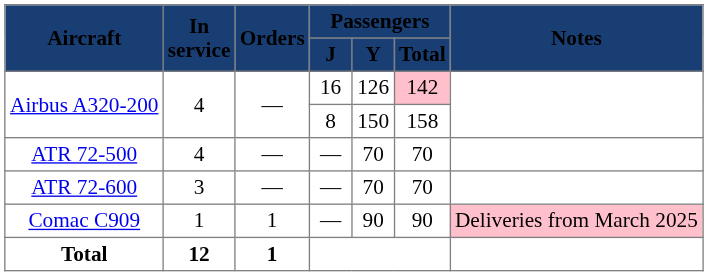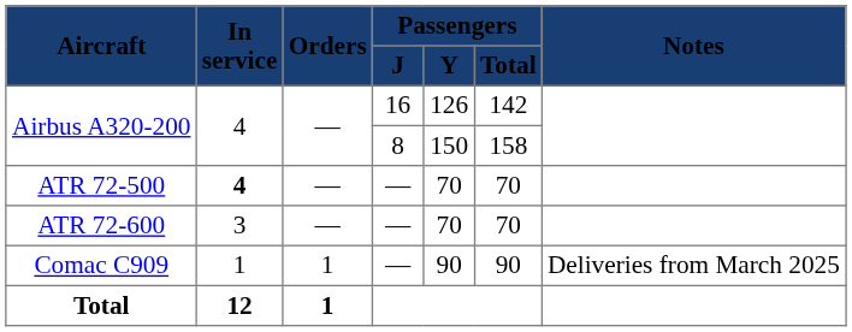 <table class="toccolours" border="1" cellpadding="3" style="border-collapse:collapse;text-align:center; margin-left: auto; margin-right: auto;">
 <tr style="background:#193e74;">
 <th rowspan="2"><span>Aircraft</span></th>
 <th rowspan="2" style="width:30px;"><span>In service</span></th>
 <th rowspan="2" style="width:30px;"><span>Orders</span></th>
 <th colspan="3"><span>Passengers</span></th>
 <th rowspan="2"><span>Notes</span></th>
 </tr>
 <tr style="background:#193e74;">
 <th style="width:25px;"><abbr><span>J</span></abbr></th>
 <th style="width:25px;"><abbr><span>Y</span></abbr></th>
 <th style="width:30px;"><span>Total</span></th>
 </tr>
 <tr>
 <td rowspan="2"><a href='#'>Airbus A320-200</a></td>
 <td rowspan="2">4</td>
 <td rowspan="2">—</td>
 <td>16</td>
 <td>126</td>
-<td style="background: pink;">142</td>
+<td>142</td>
 <td rowspan="2"></td>
 </tr>
 <tr>
 <td>8</td>
 <td>150</td>
 <td>158</td>
 </tr>
 <tr>
 <td><a href='#'>ATR 72-500</a></td>
-<td>4</td>
+<td><strong>4</strong></td>
 <td>—</td>
 <td>—</td>
 <td>70</td>
 <td>70</td>
 <td></td>
 </tr>
 <tr>
 <td><a href='#'>ATR 72-600</a></td>
 <td>3</td>
 <td>—</td>
 <td>—</td>
 <td>70</td>
 <td>70</td>
 <td></td>
 </tr>
 <tr>
 <td><a href='#'>Comac C909</a></td>
 <td>1</td>
 <td>1</td>
 <td>—</td>
 <td>90</td>
 <td>90</td>
-<td style="background: pink;">Deliveries from March 2025</td>
+<td>Deliveries from March 2025</td>
 </tr>
 <tr>
 <th>Total</th>
 <th>12</th>
 <td><strong>1</strong></td>
 <td colspan="3"></td>
 </tr>
 </table>
